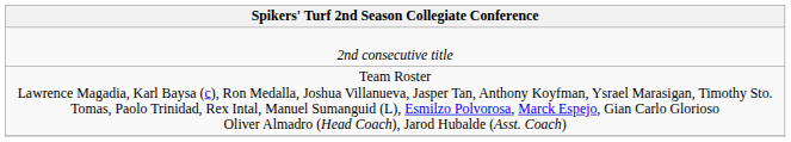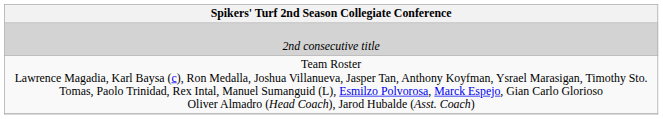 <table class=wikitable style="text-align:center; margin:auto;">
 <tr>
 <th>Spikers' Turf 2nd Season Collegiate Conference</th>
 </tr>
 <tr>
-<td><strong></strong><br><em>2nd consecutive title</em><br></td>
+<td style="background: lightgrey;"><strong></strong><br><em>2nd consecutive title</em><br></td>
 </tr>
 <tr>
 <td>Team Roster<br>Lawrence Magadia, Karl Baysa (<a href='#'>c</a>), Ron Medalla, Joshua Villanueva, Jasper Tan, Anthony Koyfman, Ysrael Marasigan, Timothy Sto. Tomas, Paolo Trinidad, Rex Intal, Manuel Sumanguid (L), <a href='#'>Esmilzo Polvorosa</a>, <a href='#'>Marck Espejo</a>, Gian Carlo Glorioso<br>Oliver Almadro (<em>Head Coach</em>), Jarod Hubalde (<em>Asst. Coach</em>)</td>
 </tr>
 <tr>
 </tr>
 </table>
